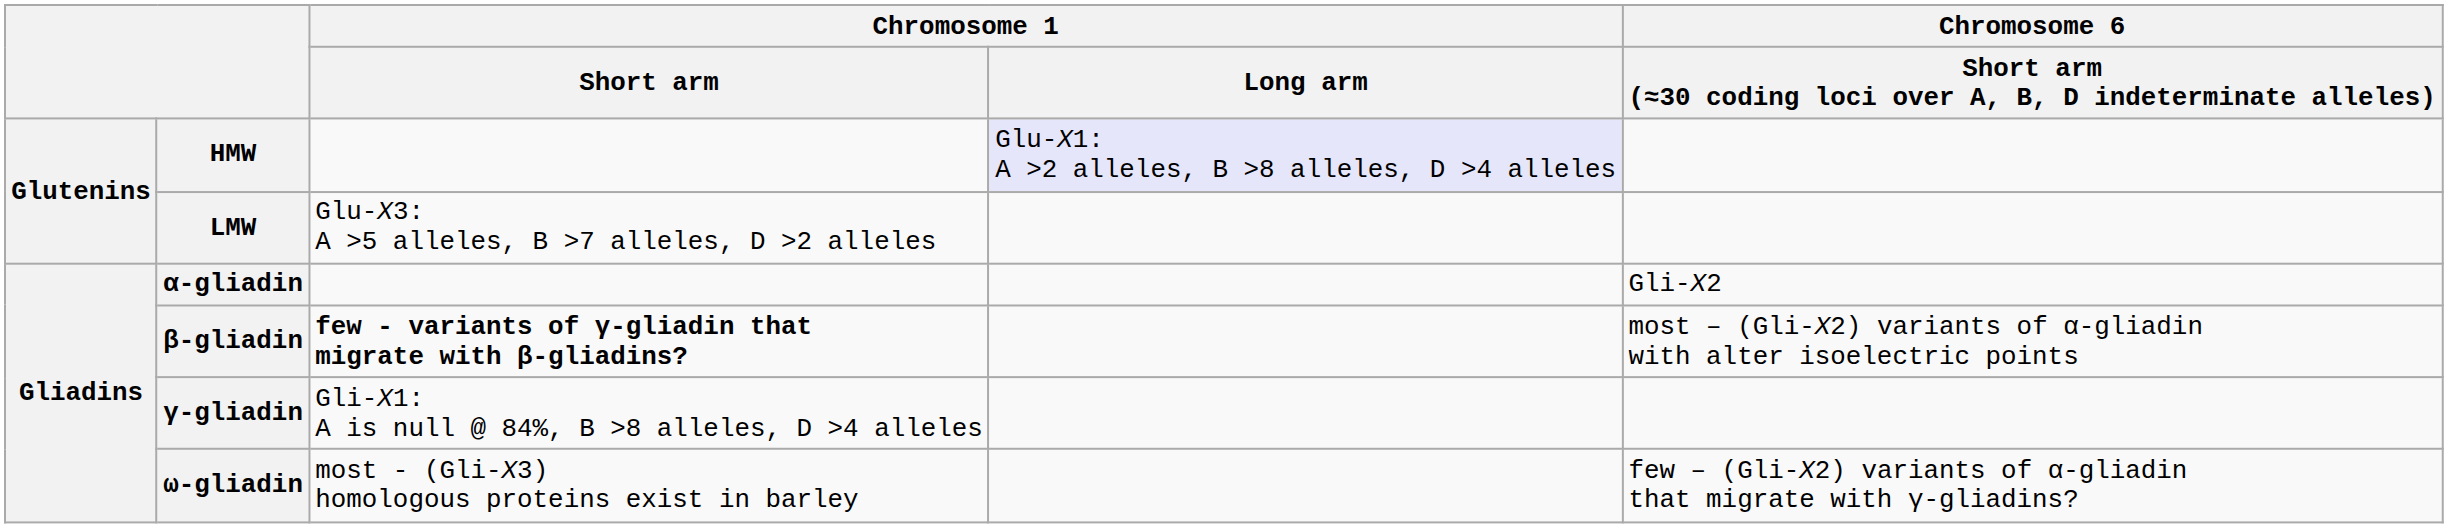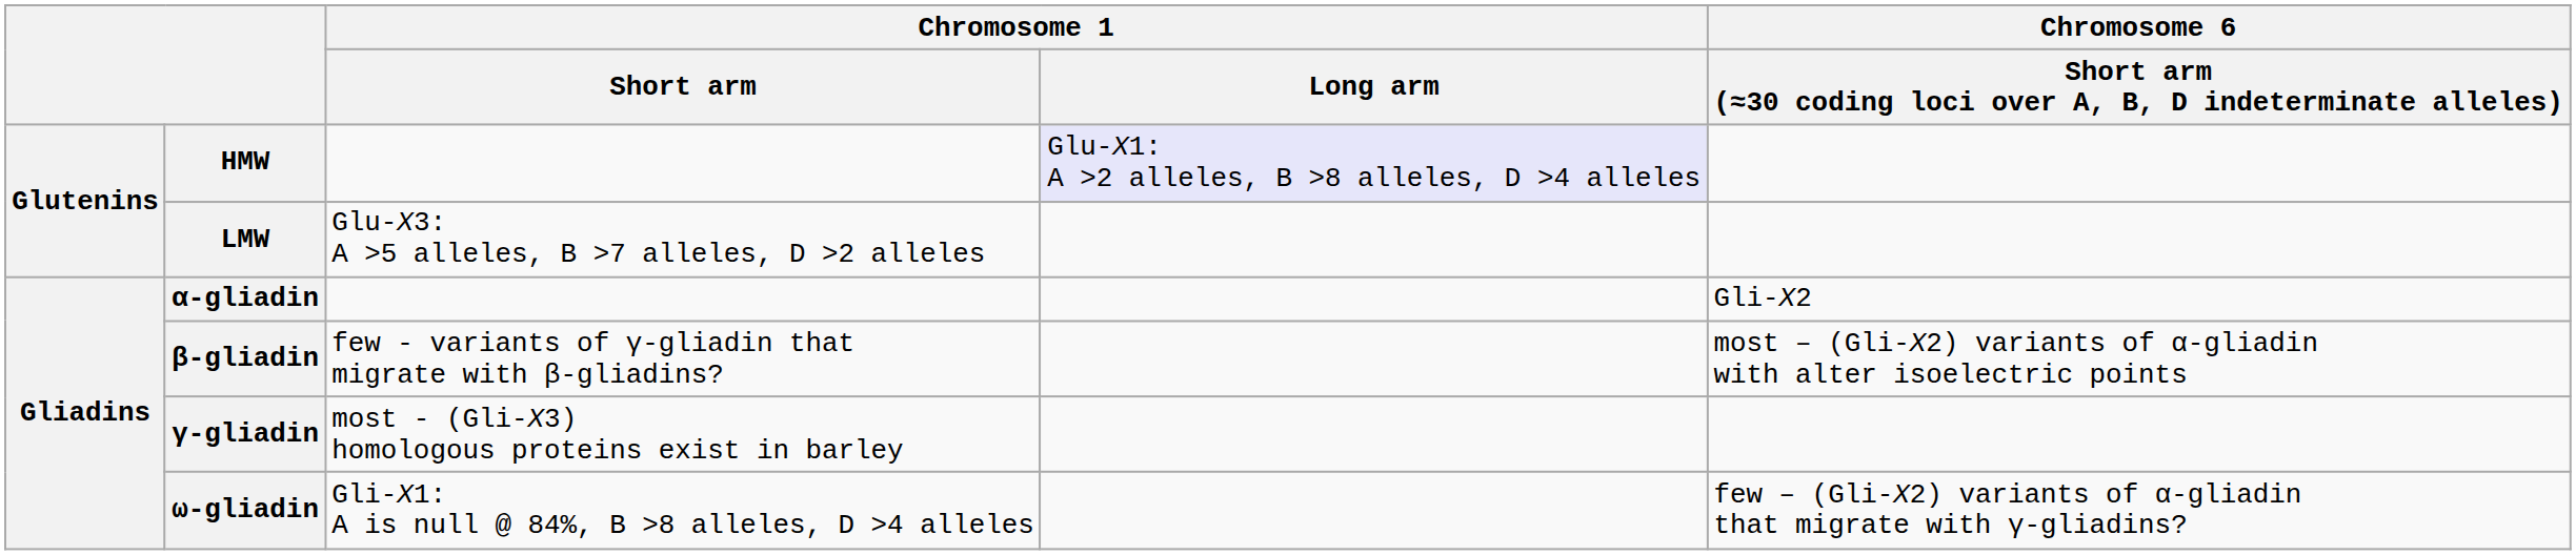 <table class="wikitable mw-collapsible">
 <tr>
 <th colspan="2" rowspan="2"></th>
 <th colspan="2">Chromosome 1</th>
 <th>Chromosome 6</th>
 </tr>
 <tr>
 <th>Short arm</th>
 <th>Long arm</th>
 <th>Short arm<br>(≈30 coding loci over  A, B, D indeterminate alleles)</th>
 </tr>
 <tr>
 <th rowspan="2">Glutenins</th>
 <th>HMW</th>
 <td></td>
 <td style="background: lavender;">Glu-<em>X</em>1:<br>A >2 alleles,  B >8 alleles,  D >4 alleles</td>
 <td></td>
 </tr>
 <tr>
 <th>LMW</th>
 <td>Glu-<em>X</em>3:<br>A >5 alleles, B >7 alleles, D >2 alleles</td>
 <td></td>
 <td></td>
 </tr>
 <tr>
 <th rowspan="4">Gliadins</th>
 <th>α-gliadin</th>
 <td></td>
 <td></td>
 <td>Gli-<em>X</em>2</td>
 </tr>
 <tr>
 <th>β-gliadin</th>
-<td><strong>few - variants of γ-gliadin that<br>migrate with β-gliadins?</strong></td>
+<td>few - variants of γ-gliadin that<br>migrate with β-gliadins?</td>
 <td></td>
 <td>most – (Gli-<em>X</em>2) variants of α-gliadin<br>with alter isoelectric points</td>
 </tr>
 <tr>
 <th>γ-gliadin</th>
-<td>Gli-<em>X</em>1:<br>A is null @ 84%,  B >8 alleles,  D >4 alleles</td>
+<td>most - (Gli-<em>X</em>3)<br>homologous proteins exist in barley</td>
 <td></td>
 <td></td>
 </tr>
 <tr>
 <th>ω-gliadin</th>
-<td>most - (Gli-<em>X</em>3)<br>homologous proteins exist in barley</td>
+<td>Gli-<em>X</em>1:<br>A is null @ 84%,  B >8 alleles,  D >4 alleles</td>
 <td></td>
 <td>few – (Gli-<em>X</em>2) variants of α-gliadin<br>that migrate with γ-gliadins?</td>
 </tr>
 </table>
